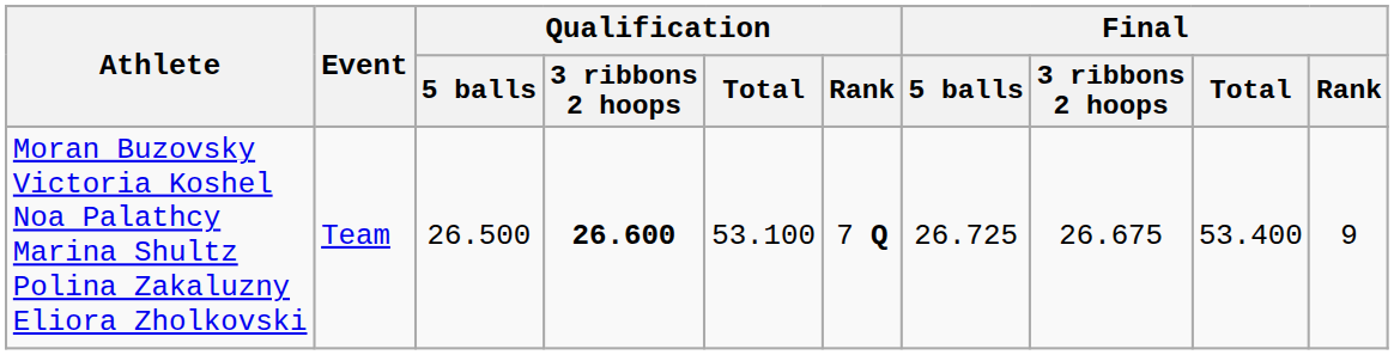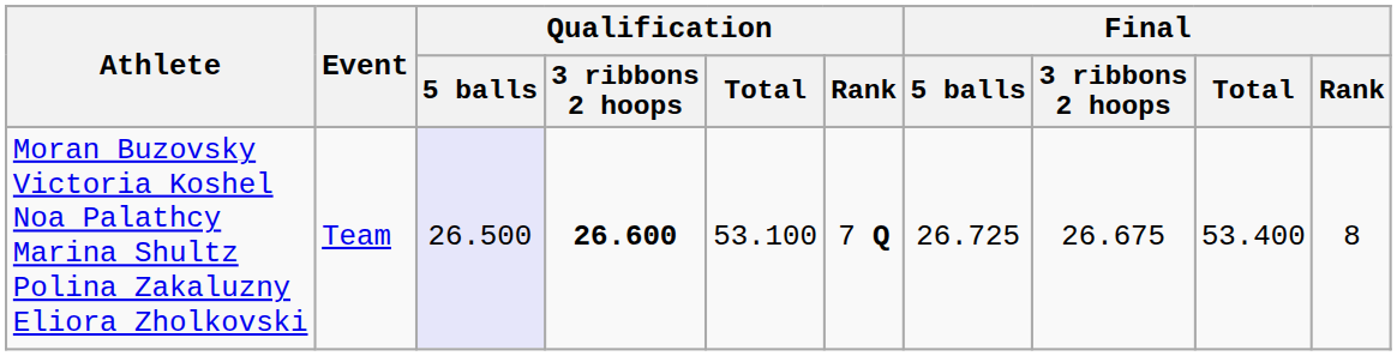 <table class="wikitable" style="font-size:90%">
 <tr>
 <th rowspan="2">Athlete</th>
 <th rowspan="2">Event</th>
 <th colspan="4">Qualification</th>
 <th colspan="4">Final</th>
 </tr>
 <tr style="font-size:95%">
 <th>5 balls</th>
 <th>3 ribbons <br>2 hoops</th>
 <th>Total</th>
 <th>Rank</th>
 <th>5 balls</th>
 <th>3 ribbons <br>2 hoops</th>
 <th>Total</th>
 <th>Rank</th>
 </tr>
 <tr align=center>
 <td align=left><a href='#'>Moran Buzovsky</a><br><a href='#'>Victoria Koshel</a><br><a href='#'>Noa Palathcy</a><br><a href='#'>Marina Shultz</a><br><a href='#'>Polina Zakaluzny</a><br><a href='#'>Eliora Zholkovski</a></td>
 <td align=left><a href='#'>Team</a></td>
-<td>26.500</td>
+<td style="background: lavender;">26.500</td>
 <td><strong>26.600</strong></td>
 <td>53.100</td>
 <td>7 <strong>Q</strong></td>
 <td>26.725</td>
 <td>26.675</td>
 <td>53.400</td>
-<td>9</td>
+<td>8</td>
 </tr>
 </table>
